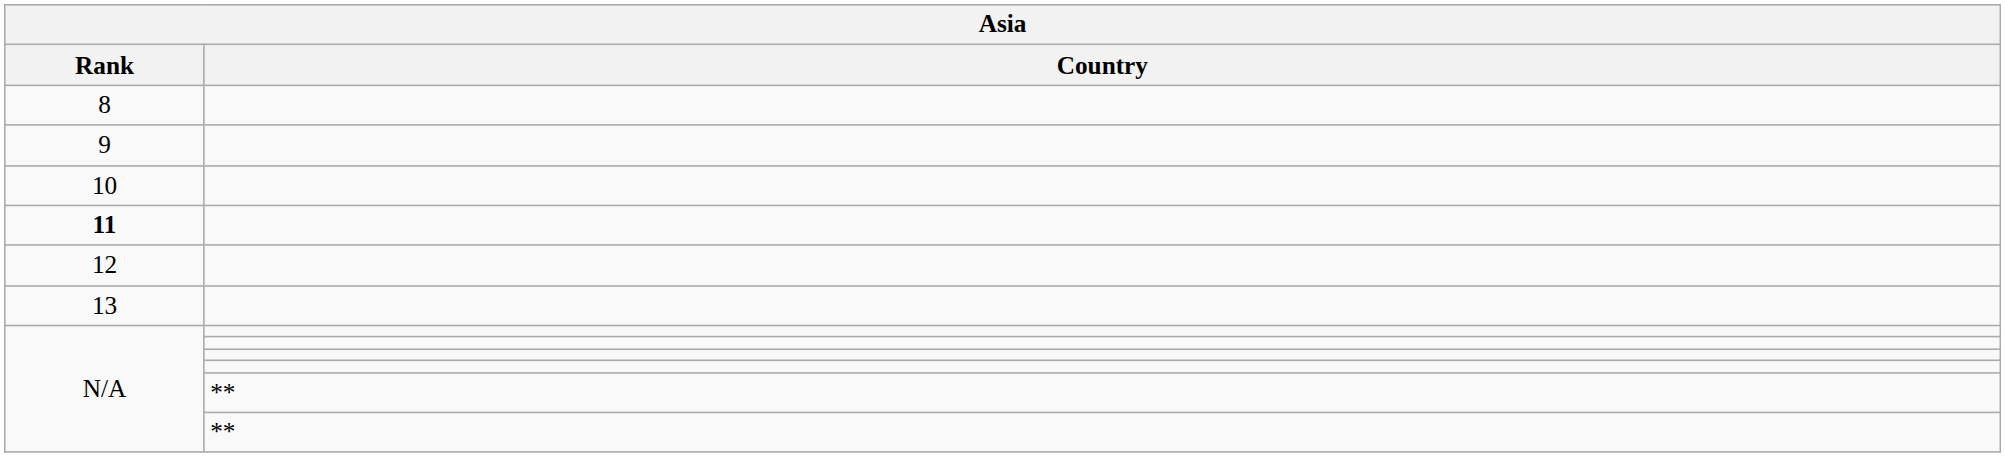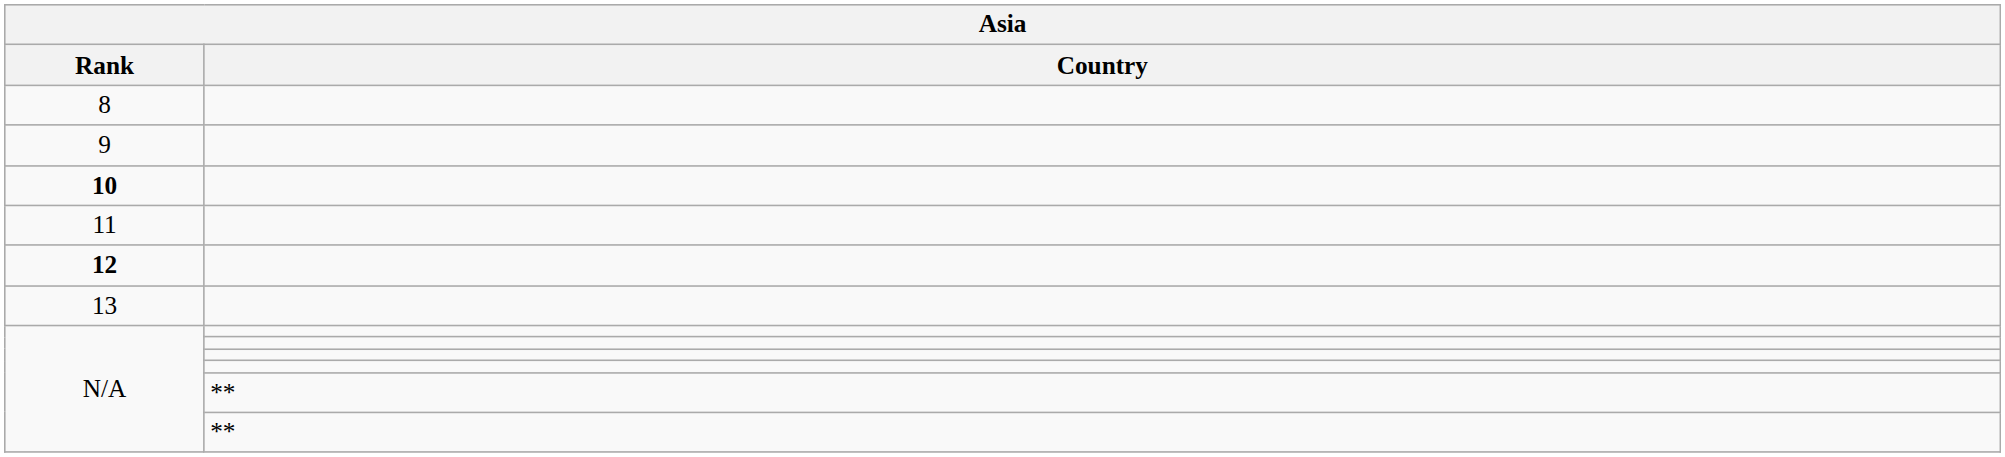 <table class="wikitable sortable" style="text-align: center" width=100%>
 <tr>
 <th colspan=2 align="center">Asia</th>
 </tr>
 <tr>
 <th width=10% align="center">Rank</th>
 <th width=90% align="center">Country</th>
 </tr>
 <tr>
 <td>8</td>
 <td align="left"></td>
 </tr>
 <tr>
 <td>9</td>
 <td align="left"></td>
 </tr>
 <tr>
-<td>10</td>
+<td><strong>10</strong></td>
 <td align="left"></td>
 </tr>
 <tr>
-<td><strong>11</strong></td>
+<td>11</td>
 <td align="left"></td>
 </tr>
 <tr>
-<td>12</td>
+<td><strong>12</strong></td>
 <td align="left"></td>
 </tr>
 <tr>
 <td>13</td>
 <td align="left"></td>
 </tr>
 <tr>
 <td rowspan=6>N/A</td>
 <td align="left"></td>
 </tr>
 <tr>
 <td align="left"></td>
 </tr>
 <tr>
 <td align="left"></td>
 </tr>
 <tr>
 <td align="left"></td>
 </tr>
 <tr>
 <td align="left"> **</td>
 </tr>
 <tr>
 <td align="left"> **</td>
 </tr>
 </table>
